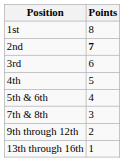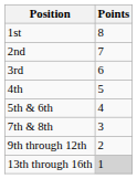 <table class="wikitable">
 <tr>
 <th><strong>Position</strong></th>
 <th><strong>Points</strong></th>
 </tr>
 <tr>
 <td>1st</td>
 <td>8</td>
 </tr>
 <tr>
 <td>2nd</td>
-<td><strong>7</strong></td>
+<td>7</td>
 </tr>
 <tr>
 <td>3rd</td>
 <td>6</td>
 </tr>
 <tr>
 <td>4th</td>
 <td>5</td>
 </tr>
 <tr>
 <td>5th & 6th</td>
 <td>4</td>
 </tr>
 <tr>
 <td>7th & 8th</td>
 <td>3</td>
 </tr>
 <tr>
 <td>9th through 12th</td>
 <td>2</td>
 </tr>
 <tr>
 <td>13th through 16th</td>
-<td>1</td>
+<td style="background: lightgrey;">1</td>
 </tr>
 </table>
